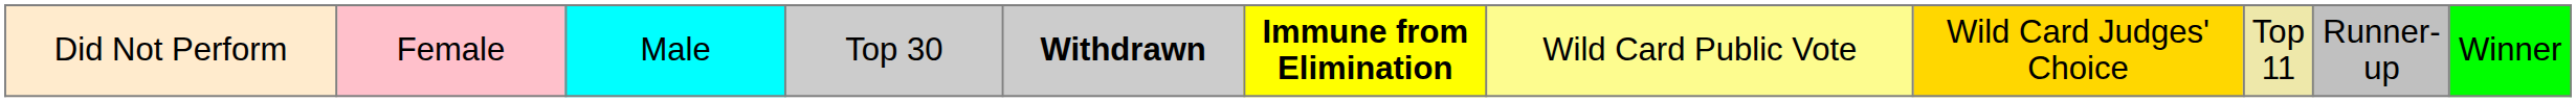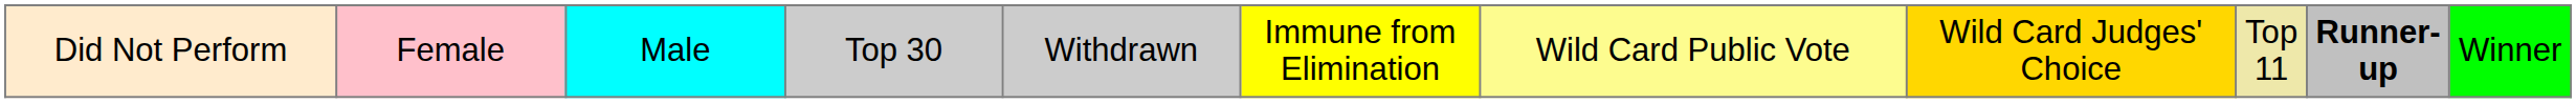 <table border="2" cellpadding="4"  style="background:solid gray; border:1px solid gray; border-collapse:collapse; margin:0 1em 1em 0; text-align:center; margin:auto;">
 <tr>
 </tr>
 <tr>
 <td style="background:#FFEBCD;" width="15%">Did Not Perform</td>
 <td style="background:pink; width:10%;">Female</td>
 <td style="background:cyan; width:10%;">Male</td>
 <td style="background: #ccc; width:10%;">Top 30</td>
-<td style="background: #ccc; width:10%;"><strong>Withdrawn</strong></td>
-<td style="background:yellow ; width:10%;"><strong>Immune from Elimination</strong></td>
+<td style="background: #ccc; width:10%;">Withdrawn</td>
+<td style="background:yellow ; width:10%;">Immune from Elimination</td>
 <td style="background: #FDFC8F; width:20%;">Wild Card Public Vote</td>
 <td style="background:gold; width:20%;">Wild Card Judges' Choice</td>
 <td style="background:palegoldenrod; width:10%;">Top 11</td>
-<td style="background:silver; width:15%">Runner-up</td>
+<td style="background:silver; width:15%"><strong>Runner-up</strong></td>
 <td style="background:lime; width:15%;">Winner</td>
 </tr>
 </table>
